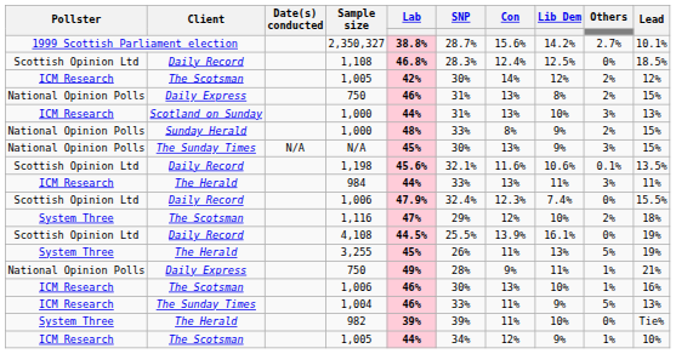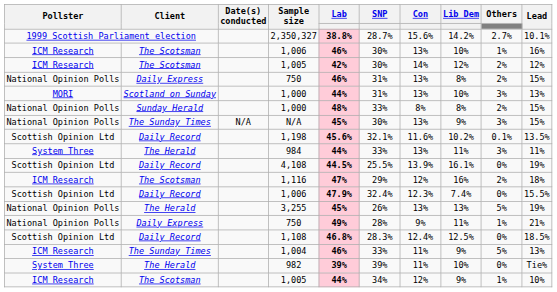 <table class="wikitable sortable mw-datatable" style="text-align:center;font-size:90%;line-height:14px;">
 <tr>
 <th rowspan="2">Pollster</th>
 <th rowspan="2">Client</th>
 <th rowspan="2" data-sort-type="number">Date(s)<br>conducted</th>
 <th rowspan="2">Sample<br>size</th>
 <th class="unsortable" style="width:50px;"><a href='#'>Lab</a></th>
 <th class="unsortable" style="width:50px;"><a href='#'>SNP</a></th>
 <th class="unsortable" style="width:50px;"><a href='#'>Con</a></th>
 <th class="unsortable" style="width:50px;"><a href='#'>Lib Dem</a></th>
 <th class="unsortable" style="width:50px;">Others</th>
 <th rowspan="2" data-sort-type="number">Lead</th>
 </tr>
 <tr>
 <th data-sort-type="number" style="background:"></th>
 <th data-sort-type="number" style="background:"></th>
 <th data-sort-type="number" style="background:"></th>
 <th data-sort-type="number" style="background:"></th>
 <th data-sort-type="number" style="background:Grey;"></th>
 </tr>
 <tr>
 <td colspan="2"><a href='#'>1999 Scottish Parliament election</a></td>
 <td></td>
 <td>2,350,327</td>
 <td style="background:#FFCCD9"><strong>38.8%</strong></td>
 <td>28.7%</td>
 <td>15.6%</td>
 <td>14.2%</td>
 <td>2.7%</td>
 <td style="background:">10.1%</td>
 </tr>
 <tr>
-<td>Scottish Opinion Ltd</td>
-<td><em><a href='#'>Daily Record</a></em></td>
+<td><a href='#'>ICM Research</a></td>
+<td><em><a href='#'>The Scotsman</a></em></td>
 <td></td>
-<td>1,108</td>
-<td style="background:#FFCCD9"><strong>46.8%</strong></td>
-<td>28.3%</td>
-<td>12.4%</td>
-<td>12.5%</td>
-<td>0%</td>
-<td style="background:">18.5%</td>
+<td>1,006</td>
+<td style="background:#FFCCD9"><strong>46%</strong></td>
+<td>30%</td>
+<td>13%</td>
+<td>10%</td>
+<td>1%</td>
+<td style="background:">16%</td>
 </tr>
 <tr>
 <td><a href='#'>ICM Research</a></td>
 <td><em><a href='#'>The Scotsman</a></em></td>
 <td></td>
 <td>1,005</td>
 <td style="background:#FFCCD9"><strong>42%</strong></td>
 <td>30%</td>
 <td>14%</td>
 <td>12%</td>
 <td>2%</td>
 <td style="background:">12%</td>
 </tr>
 <tr>
 <td>National Opinion Polls</td>
 <td><em><a href='#'>Daily Express</a></em></td>
 <td></td>
 <td>750</td>
 <td style="background:#FFCCD9"><strong>46%</strong></td>
 <td>31%</td>
 <td>13%</td>
 <td>8%</td>
 <td>2%</td>
 <td style="background:">15%</td>
 </tr>
 <tr>
-<td><a href='#'>ICM Research</a></td>
+<td><a href='#'>MORI</a></td>
 <td><em><a href='#'>Scotland on Sunday</a></em></td>
 <td></td>
 <td>1,000</td>
 <td style="background:#FFCCD9"><strong>44%</strong></td>
 <td>31%</td>
 <td>13%</td>
 <td>10%</td>
 <td>3%</td>
 <td style="background:">13%</td>
 </tr>
 <tr>
 <td>National Opinion Polls</td>
 <td><em><a href='#'>Sunday Herald</a></em></td>
 <td></td>
 <td>1,000</td>
 <td style="background:#FFCCD9"><strong>48%</strong></td>
 <td>33%</td>
 <td>8%</td>
-<td>9%</td>
+<td>8%</td>
 <td>2%</td>
 <td style="background:">15%</td>
 </tr>
 <tr>
 <td>National Opinion Polls</td>
 <td><em><a href='#'>The Sunday Times</a></em></td>
 <td>N/A</td>
 <td>N/A</td>
 <td style="background:#FFCCD9"><strong>45%</strong></td>
 <td>30%</td>
 <td>13%</td>
 <td>9%</td>
 <td>3%</td>
 <td style="background:">15%</td>
 </tr>
 <tr>
 <td>Scottish Opinion Ltd</td>
 <td><em><a href='#'>Daily Record</a></em></td>
 <td></td>
 <td>1,198</td>
 <td style="background:#FFCCD9"><strong>45.6%</strong></td>
 <td>32.1%</td>
 <td>11.6%</td>
-<td>10.6%</td>
+<td>10.2%</td>
 <td>0.1%</td>
 <td style="background:">13.5%</td>
 </tr>
 <tr>
-<td><a href='#'>ICM Research</a></td>
+<td><a href='#'>System Three</a></td>
 <td><em><a href='#'>The Herald</a></em></td>
 <td></td>
 <td>984</td>
 <td style="background:#FFCCD9"><strong>44%</strong></td>
 <td>33%</td>
 <td>13%</td>
 <td>11%</td>
 <td>3%</td>
 <td style="background:">11%</td>
 </tr>
 <tr>
 <td>Scottish Opinion Ltd</td>
 <td><em><a href='#'>Daily Record</a></em></td>
 <td></td>
+<td>4,108</td>
+<td style="background:#FFCCD9"><strong>44.5%</strong></td>
+<td>25.5%</td>
+<td>13.9%</td>
+<td>16.1%</td>
+<td>0%</td>
+<td style="background:">19%</td>
+</tr>
+<tr>
+<td><a href='#'>ICM Research</a></td>
+<td><em><a href='#'>The Scotsman</a></em></td>
+<td></td>
+<td>1,116</td>
+<td style="background:#FFCCD9"><strong>47%</strong></td>
+<td>29%</td>
+<td>12%</td>
+<td>16%</td>
+<td>2%</td>
+<td style="background:">18%</td>
+</tr>
+<tr>
+<td>Scottish Opinion Ltd</td>
+<td><em><a href='#'>Daily Record</a></em></td>
+<td></td>
 <td>1,006</td>
 <td style="background:#FFCCD9"><strong>47.9%</strong></td>
 <td>32.4%</td>
 <td>12.3%</td>
 <td>7.4%</td>
 <td>0%</td>
 <td style="background:">15.5%</td>
 </tr>
 <tr>
-<td><a href='#'>System Three</a></td>
-<td><em><a href='#'>The Scotsman</a></em></td>
-<td></td>
-<td>1,116</td>
-<td style="background:#FFCCD9"><strong>47%</strong></td>
-<td>29%</td>
-<td>12%</td>
-<td>10%</td>
-<td>2%</td>
-<td style="background:">18%</td>
-</tr>
-<tr>
-<td>Scottish Opinion Ltd</td>
-<td><em><a href='#'>Daily Record</a></em></td>
-<td></td>
-<td>4,108</td>
-<td style="background:#FFCCD9"><strong>44.5%</strong></td>
-<td>25.5%</td>
-<td>13.9%</td>
-<td>16.1%</td>
-<td>0%</td>
-<td style="background:">19%</td>
-</tr>
-<tr>
-<td><a href='#'>System Three</a></td>
+<td>National Opinion Polls</td>
 <td><em><a href='#'>The Herald</a></em></td>
 <td></td>
 <td>3,255</td>
 <td style="background:#FFCCD9"><strong>45%</strong></td>
 <td>26%</td>
-<td>11%</td>
+<td>13%</td>
 <td>13%</td>
 <td>5%</td>
 <td style="background:">19%</td>
 </tr>
 <tr>
 <td>National Opinion Polls</td>
 <td><em><a href='#'>Daily Express</a></em></td>
 <td></td>
 <td>750</td>
 <td style="background:#FFCCD9"><strong>49%</strong></td>
 <td>28%</td>
 <td>9%</td>
 <td>11%</td>
 <td>1%</td>
 <td style="background:">21%</td>
 </tr>
 <tr>
-<td><a href='#'>ICM Research</a></td>
-<td><em><a href='#'>The Scotsman</a></em></td>
+<td>Scottish Opinion Ltd</td>
+<td><em><a href='#'>Daily Record</a></em></td>
 <td></td>
-<td>1,006</td>
-<td style="background:#FFCCD9"><strong>46%</strong></td>
-<td>30%</td>
-<td>13%</td>
-<td>10%</td>
-<td>1%</td>
-<td style="background:">16%</td>
+<td>1,108</td>
+<td style="background:#FFCCD9"><strong>46.8%</strong></td>
+<td>28.3%</td>
+<td>12.4%</td>
+<td>12.5%</td>
+<td>0%</td>
+<td style="background:">18.5%</td>
 </tr>
 <tr>
 <td><a href='#'>ICM Research</a></td>
 <td><em><a href='#'>The Sunday Times</a></em></td>
 <td></td>
 <td>1,004</td>
 <td style="background:#FFCCD9"><strong>46%</strong></td>
 <td>33%</td>
 <td>11%</td>
 <td>9%</td>
 <td>5%</td>
 <td style="background:">13%</td>
 </tr>
 <tr>
 <td><a href='#'>System Three</a></td>
 <td><em><a href='#'>The Herald</a></em></td>
 <td></td>
 <td>982</td>
 <td style="background:#FFCCD9"><strong>39%</strong></td>
 <td>39%</td>
 <td>11%</td>
 <td>10%</td>
 <td>0%</td>
 <td style="background:">Tie%</td>
 </tr>
 <tr>
 <td><a href='#'>ICM Research</a></td>
 <td><em><a href='#'>The Scotsman</a></em></td>
 <td></td>
 <td>1,005</td>
 <td style="background:#FFCCD9"><strong>44%</strong></td>
 <td>34%</td>
 <td>12%</td>
 <td>9%</td>
 <td>1%</td>
 <td style="background:">10%</td>
 </tr>
 </table>
